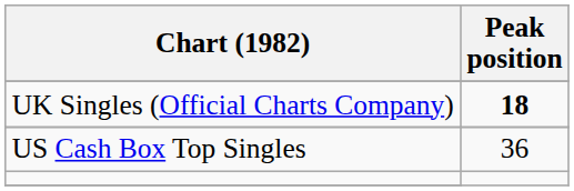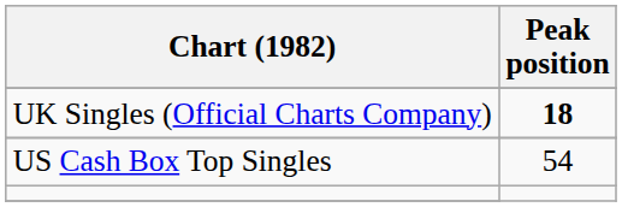 <table class="wikitable sortable">
 <tr>
 <th align="left">Chart (1982)</th>
 <th align="left">Peak<br>position</th>
 </tr>
 <tr>
 </tr>
 <tr>
 </tr>
 <tr>
 <td align="left">UK Singles (<a href='#'>Official Charts Company</a>)</td>
 <td align="center"><strong>18</strong></td>
 </tr>
 <tr>
 </tr>
 <tr>
 <td align="left">US <a href='#'>Cash Box</a> Top Singles</td>
-<td align="center">36</td>
+<td align="center">54</td>
 </tr>
 <tr>
 <td></td>
 </tr>
 <tr>
 </tr>
 </table>
